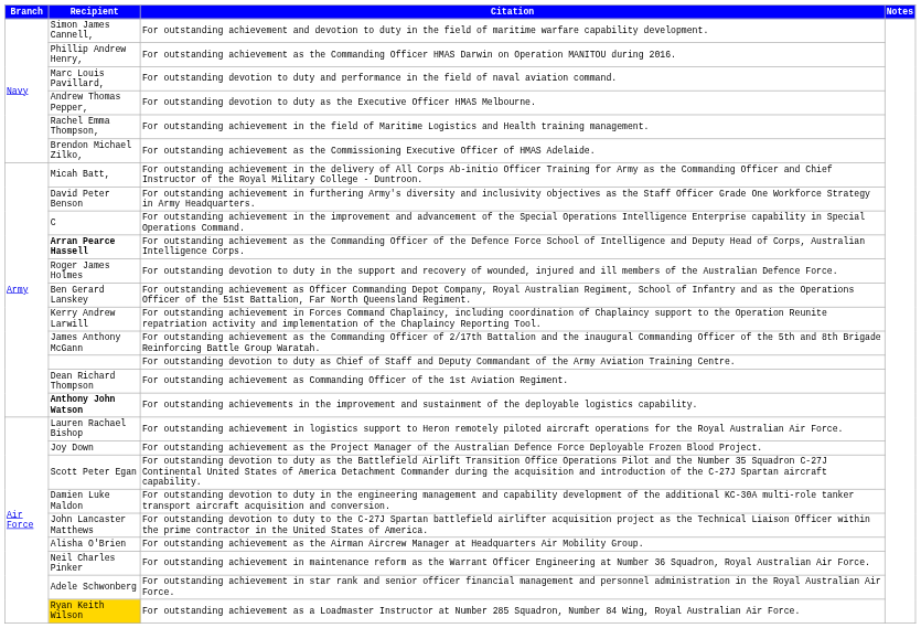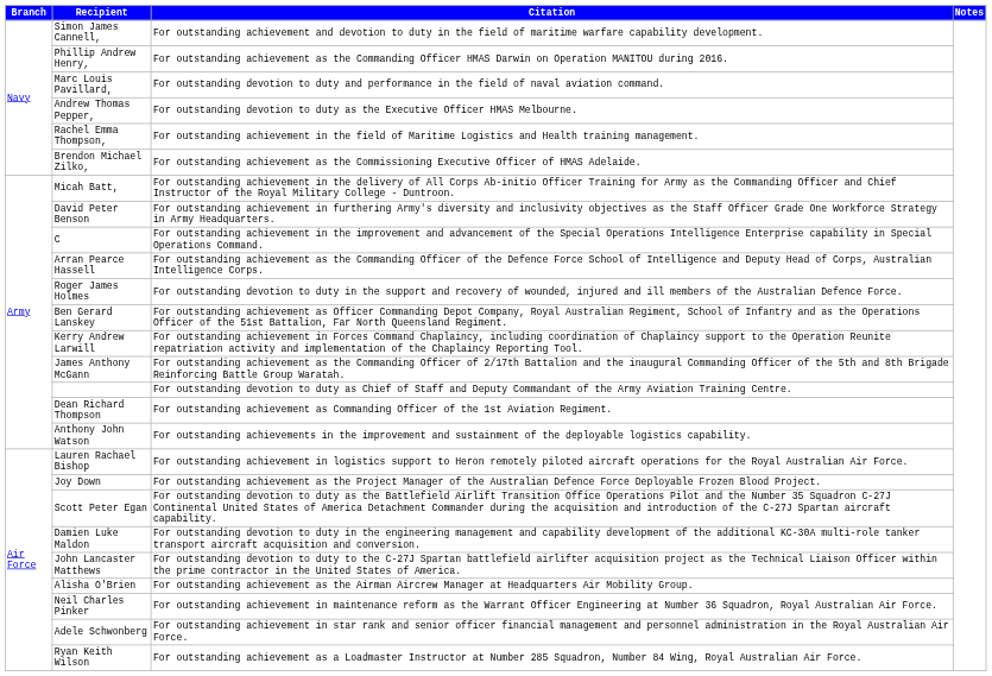 <table border="2" cellpadding="2" cellspacing="0" style="margin: 1em 1em 1em 0; border: 1px #aaa solid; font-size:95%; border-collapse: collapse;">
 <tr style="background: blue; color: white">
 <th>Branch</th>
 <th>Recipient</th>
 <th>Citation</th>
 <th>Notes</th>
 </tr>
 <tr>
 <td rowspan=6><a href='#'>Navy</a></td>
 <td> Simon James Cannell, </td>
 <td>For outstanding achievement and devotion to duty in the field of maritime warfare capability development.</td>
 <td rowspan=26></td>
 </tr>
 <tr>
 <td> Phillip Andrew Henry, </td>
 <td>For outstanding achievement as the Commanding Officer HMAS Darwin on Operation MANITOU during 2016.</td>
 </tr>
 <tr>
 <td> Marc Louis Pavillard, </td>
 <td>For outstanding devotion to duty and performance in the field of naval aviation command.</td>
 </tr>
 <tr>
 <td> Andrew Thomas Pepper, </td>
 <td>For outstanding devotion to duty as the Executive Officer HMAS Melbourne.</td>
 </tr>
 <tr>
 <td> Rachel Emma Thompson, </td>
 <td>For outstanding achievement in the field of Maritime Logistics and Health training management.</td>
 </tr>
 <tr>
 <td> Brendon Michael Zilko, </td>
 <td>For outstanding achievement as the Commissioning Executive Officer of HMAS Adelaide.</td>
 </tr>
 <tr>
 <td rowspan=11><a href='#'>Army</a></td>
 <td> Micah Batt, </td>
 <td>For outstanding achievement in the delivery of All Corps Ab-initio Officer Training for Army as the Commanding Officer and Chief Instructor of the Royal Military College - Duntroon.</td>
 </tr>
 <tr>
 <td> David Peter Benson</td>
 <td>For outstanding achievement in furthering Army's diversity and inclusivity objectives as the Staff Officer Grade One Workforce Strategy in Army Headquarters.</td>
 </tr>
 <tr>
 <td> C</td>
 <td>For outstanding achievement in the improvement and advancement of the Special Operations Intelligence Enterprise capability in Special Operations Command.</td>
 </tr>
 <tr>
-<td><strong> Arran Pearce Hassell</strong></td>
+<td> Arran Pearce Hassell</td>
 <td>For outstanding achievement as the Commanding Officer of the Defence Force School of Intelligence and Deputy Head of Corps, Australian Intelligence Corps.</td>
 </tr>
 <tr>
 <td> Roger James Holmes</td>
 <td>For outstanding devotion to duty in the support and recovery of wounded, injured and ill members of the Australian Defence Force.</td>
 </tr>
 <tr>
 <td> Ben Gerard Lanskey</td>
 <td>For outstanding achievement as Officer Commanding Depot Company, Royal Australian Regiment, School of Infantry and as the Operations Officer of the 51st Battalion, Far North Queensland Regiment.</td>
 </tr>
 <tr>
 <td> Kerry Andrew Larwill</td>
 <td>For outstanding achievement in Forces Command Chaplaincy, including coordination of Chaplaincy support to the Operation Reunite repatriation activity and implementation of the Chaplaincy Reporting Tool.</td>
 </tr>
 <tr>
 <td> James Anthony McGann</td>
 <td>For outstanding achievement as the Commanding Officer of 2/17th Battalion and the inaugural Commanding Officer of the 5th and 8th Brigade Reinforcing Battle Group Waratah.</td>
 </tr>
 <tr>
 <td></td>
 <td>For outstanding devotion to duty as Chief of Staff and Deputy Commandant of the Army Aviation Training Centre.</td>
 </tr>
 <tr>
 <td> Dean Richard Thompson</td>
 <td>For outstanding achievement as Commanding Officer of the 1st Aviation Regiment.</td>
 </tr>
 <tr>
-<td><strong> Anthony John Watson</strong></td>
+<td> Anthony John Watson</td>
 <td>For outstanding achievements in the improvement and sustainment of the deployable logistics capability.</td>
 </tr>
 <tr>
 <td rowspan=9><a href='#'>Air Force</a></td>
 <td> Lauren Rachael Bishop</td>
 <td>For outstanding achievement in logistics support to Heron remotely piloted aircraft operations for the Royal Australian Air Force.</td>
 </tr>
 <tr>
 <td> Joy Down</td>
 <td>For outstanding achievement as the Project Manager of the Australian Defence Force Deployable Frozen Blood Project.</td>
 </tr>
 <tr>
 <td> Scott Peter Egan</td>
 <td>For outstanding devotion to duty as the Battlefield Airlift Transition Office Operations Pilot and the Number 35 Squadron C-27J Continental United States of America Detachment Commander during the acquisition and introduction of the C-27J Spartan aircraft capability.</td>
 </tr>
 <tr>
 <td> Damien Luke Maldon</td>
 <td>For outstanding devotion to duty in the engineering management and capability development of the additional KC-30A multi-role tanker transport aircraft acquisition and conversion.</td>
 </tr>
 <tr>
 <td> John Lancaster Matthews</td>
 <td>For outstanding devotion to duty to the C-27J Spartan battlefield airlifter acquisition project as the Technical Liaison Officer within the prime contractor in the United States of America.</td>
 </tr>
 <tr>
 <td> Alisha O'Brien</td>
 <td>For outstanding achievement as the Airman Aircrew Manager at Headquarters Air Mobility Group.</td>
 </tr>
 <tr>
 <td> Neil Charles Pinker</td>
 <td>For outstanding achievement in maintenance reform as the Warrant Officer Engineering at Number 36 Squadron, Royal Australian Air Force.</td>
 </tr>
 <tr>
 <td> Adele Schwonberg</td>
 <td>For outstanding achievement in star rank and senior officer financial management and personnel administration in the Royal Australian Air Force.</td>
 </tr>
 <tr>
-<td style="background: gold;"> Ryan Keith Wilson</td>
+<td> Ryan Keith Wilson</td>
 <td>For outstanding achievement as a Loadmaster Instructor at Number 285 Squadron, Number 84 Wing, Royal Australian Air Force.</td>
 </tr>
 </table>
